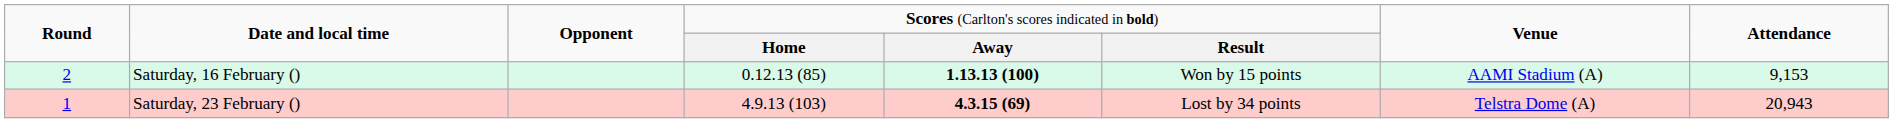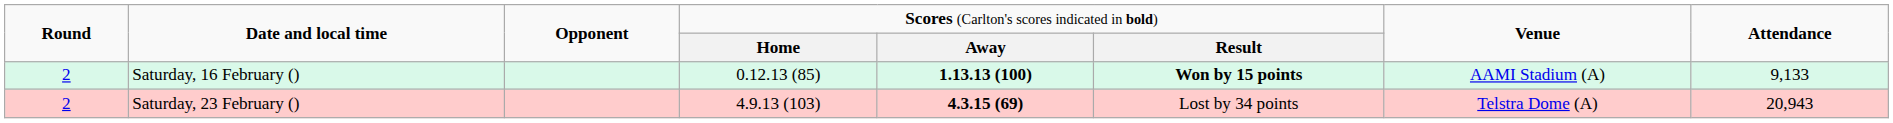 <table class="wikitable" style="font-size:90%; text-align:center; width: 100%; margin-left: auto; margin-right: auto;">
 <tr>
 <td rowspan=2><strong>Round</strong></td>
 <td rowspan=2><strong>Date and local time</strong></td>
 <td rowspan=2><strong>Opponent</strong></td>
 <td colspan=3><strong>Scores</strong> <small>(Carlton's scores indicated in <strong>bold</strong>)</small></td>
 <td rowspan=2><strong>Venue</strong></td>
 <td rowspan=2><strong>Attendance</strong></td>
 </tr>
 <tr>
 <th>Home</th>
 <th>Away</th>
 <th>Result</th>
 </tr>
 <tr style="background:#d9f9e9;">
 <td rowspan=1><a href='#'>2</a></td>
 <td style="text-align:left;">Saturday, 16 February ()</td>
 <td style="text-align:left;"></td>
 <td>0.12.13 (85)</td>
 <td><strong>1.13.13 (100)</strong></td>
-<td>Won by 15 points </td>
+<td><strong>Won by 15 points </strong></td>
 <td><a href='#'>AAMI Stadium</a> (A)</td>
-<td>9,153</td>
+<td>9,133</td>
 </tr>
 <tr style="background:#fcc;">
-<td rowspan=1><a href='#'>1</a></td>
+<td rowspan=1><a href='#'>2</a></td>
 <td style="text-align:left;">Saturday, 23 February ()</td>
 <td style="text-align:left;"></td>
 <td>4.9.13 (103)</td>
 <td><strong>4.3.15 (69)</strong></td>
 <td>Lost by 34 points </td>
 <td><a href='#'>Telstra Dome</a> (A)</td>
 <td>20,943</td>
 </tr>
 </table>
